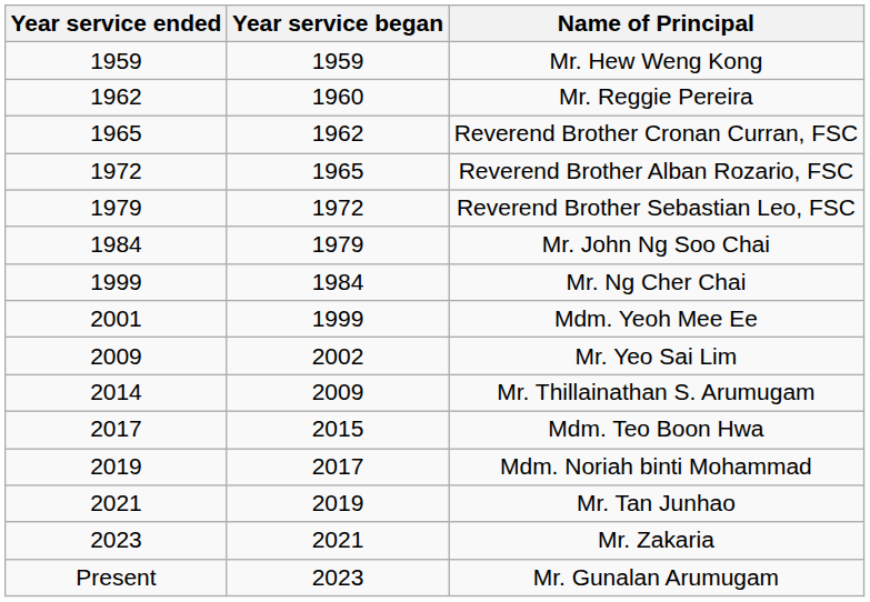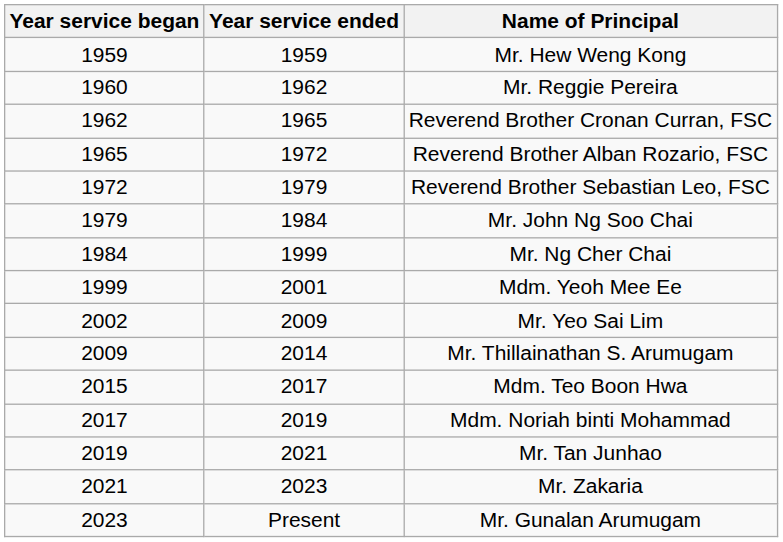 <table class="wikitable" style="text-align:center; align:center;">
 <tr>
+<th style="width:90;px">Year service began</th>
 <th style="width:90;px">Year service ended</th>
-<th style="width:90;px">Year service began</th>
 <th style="width:450;px">Name of Principal</th>
 </tr>
 <tr>
 <td>1959</td>
 <td>1959</td>
 <td>Mr. Hew Weng Kong</td>
 </tr>
 <tr>
+<td>1960</td>
 <td>1962</td>
-<td>1960</td>
 <td>Mr. Reggie Pereira</td>
 </tr>
 <tr>
+<td>1962</td>
 <td>1965</td>
-<td>1962</td>
 <td>Reverend Brother Cronan Curran, FSC</td>
 </tr>
 <tr>
+<td>1965</td>
 <td>1972</td>
-<td>1965</td>
 <td>Reverend Brother Alban Rozario, FSC</td>
 </tr>
 <tr>
+<td>1972</td>
 <td>1979</td>
-<td>1972</td>
 <td>Reverend Brother Sebastian Leo, FSC</td>
 </tr>
 <tr>
+<td>1979</td>
 <td>1984</td>
-<td>1979</td>
 <td>Mr. John Ng Soo Chai</td>
 </tr>
 <tr>
+<td>1984</td>
 <td>1999</td>
-<td>1984</td>
 <td>Mr. Ng Cher Chai</td>
 </tr>
 <tr>
+<td>1999</td>
 <td>2001</td>
-<td>1999</td>
 <td>Mdm. Yeoh Mee Ee</td>
 </tr>
 <tr>
+<td>2002</td>
 <td>2009</td>
-<td>2002</td>
 <td>Mr. Yeo Sai Lim</td>
 </tr>
 <tr>
+<td>2009</td>
 <td>2014</td>
-<td>2009</td>
 <td>Mr. Thillainathan S. Arumugam</td>
 </tr>
 <tr>
+<td>2015</td>
 <td>2017</td>
-<td>2015</td>
 <td>Mdm. Teo Boon Hwa</td>
 </tr>
 <tr>
+<td>2017</td>
 <td>2019</td>
-<td>2017</td>
 <td>Mdm. Noriah binti Mohammad</td>
 </tr>
 <tr>
+<td>2019</td>
 <td>2021</td>
-<td>2019</td>
 <td>Mr. Tan Junhao</td>
 </tr>
 <tr>
+<td>2021</td>
 <td>2023</td>
-<td>2021</td>
 <td>Mr. Zakaria</td>
 </tr>
 <tr>
+<td>2023</td>
 <td>Present</td>
-<td>2023</td>
 <td>Mr. Gunalan Arumugam</td>
 </tr>
 </table>
